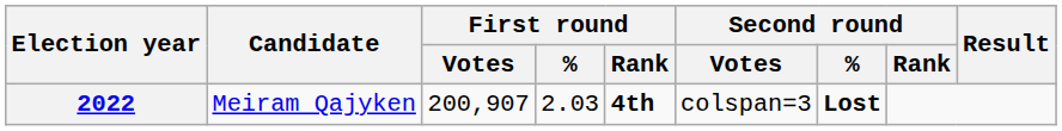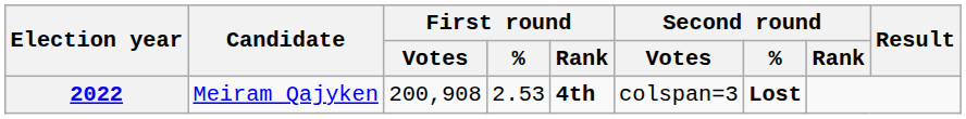 <table class="wikitable">
 <tr>
 <th rowspan="2">Election year</th>
 <th rowspan="2">Candidate</th>
 <th colspan="3">First round</th>
 <th colspan="3">Second round</th>
 <th rowspan="2">Result</th>
 </tr>
 <tr>
 <th>Votes</th>
 <th>%</th>
 <th>Rank</th>
 <th>Votes</th>
 <th>%</th>
 <th>Rank</th>
 </tr>
 <tr>
 <th><a href='#'>2022</a></th>
 <td><a href='#'>Meiram Qajyken</a></td>
-<td>200,907</td>
-<td>2.03</td>
+<td>200,908</td>
+<td>2.53</td>
 <td><strong>4th</strong></td>
 <td>colspan=3 </td>
 <td><strong>Lost</strong> </td>
 </tr>
 </table>
